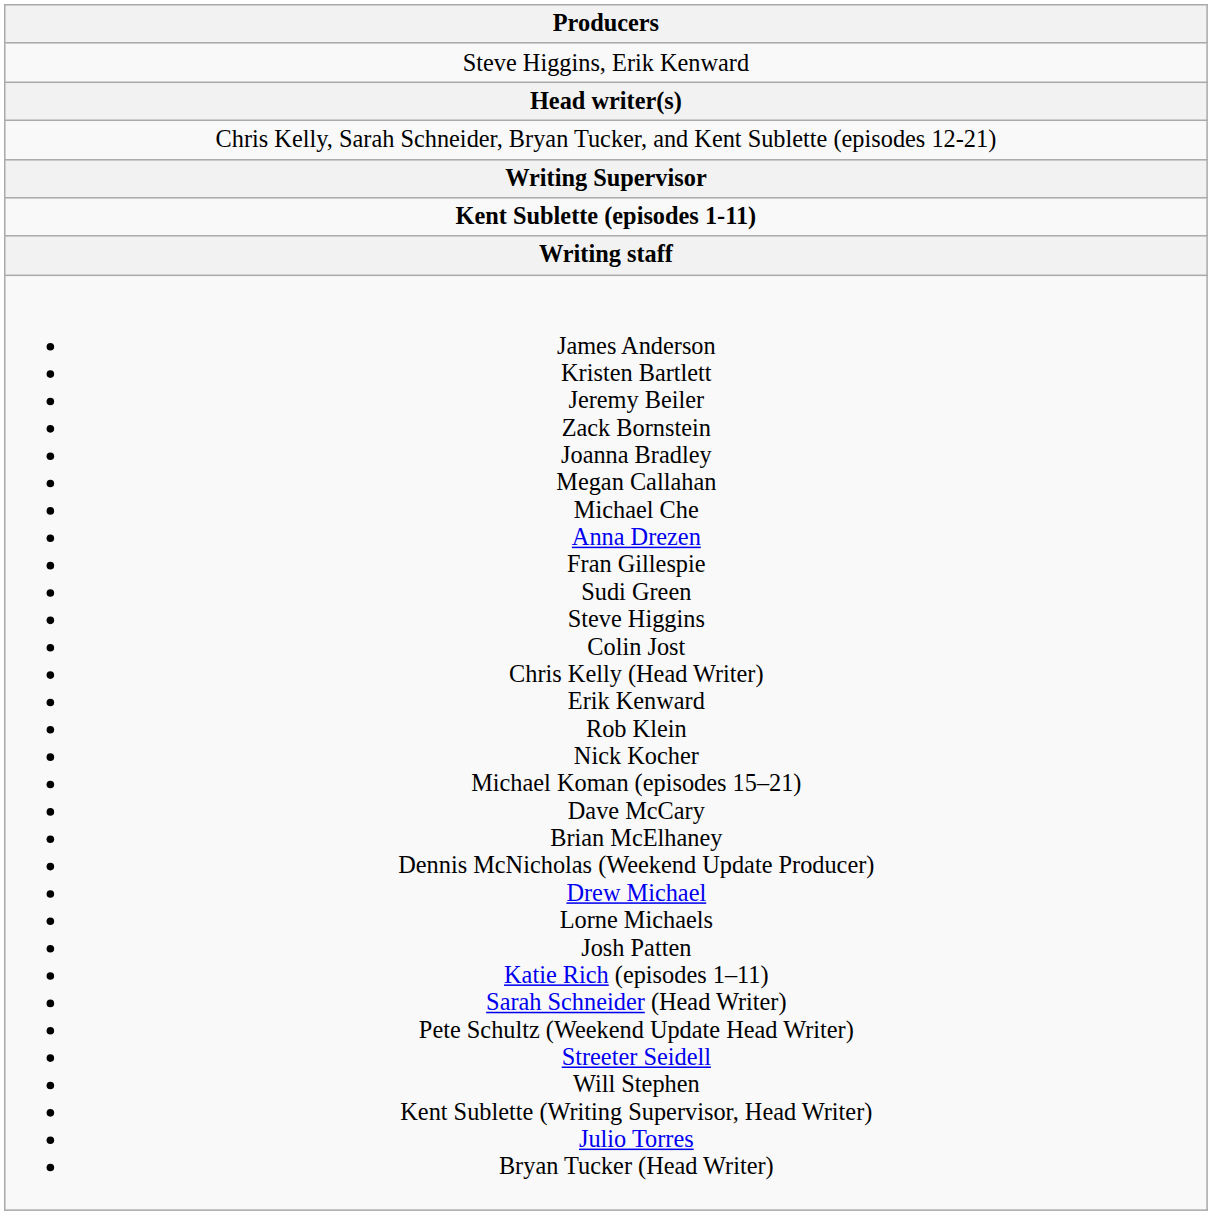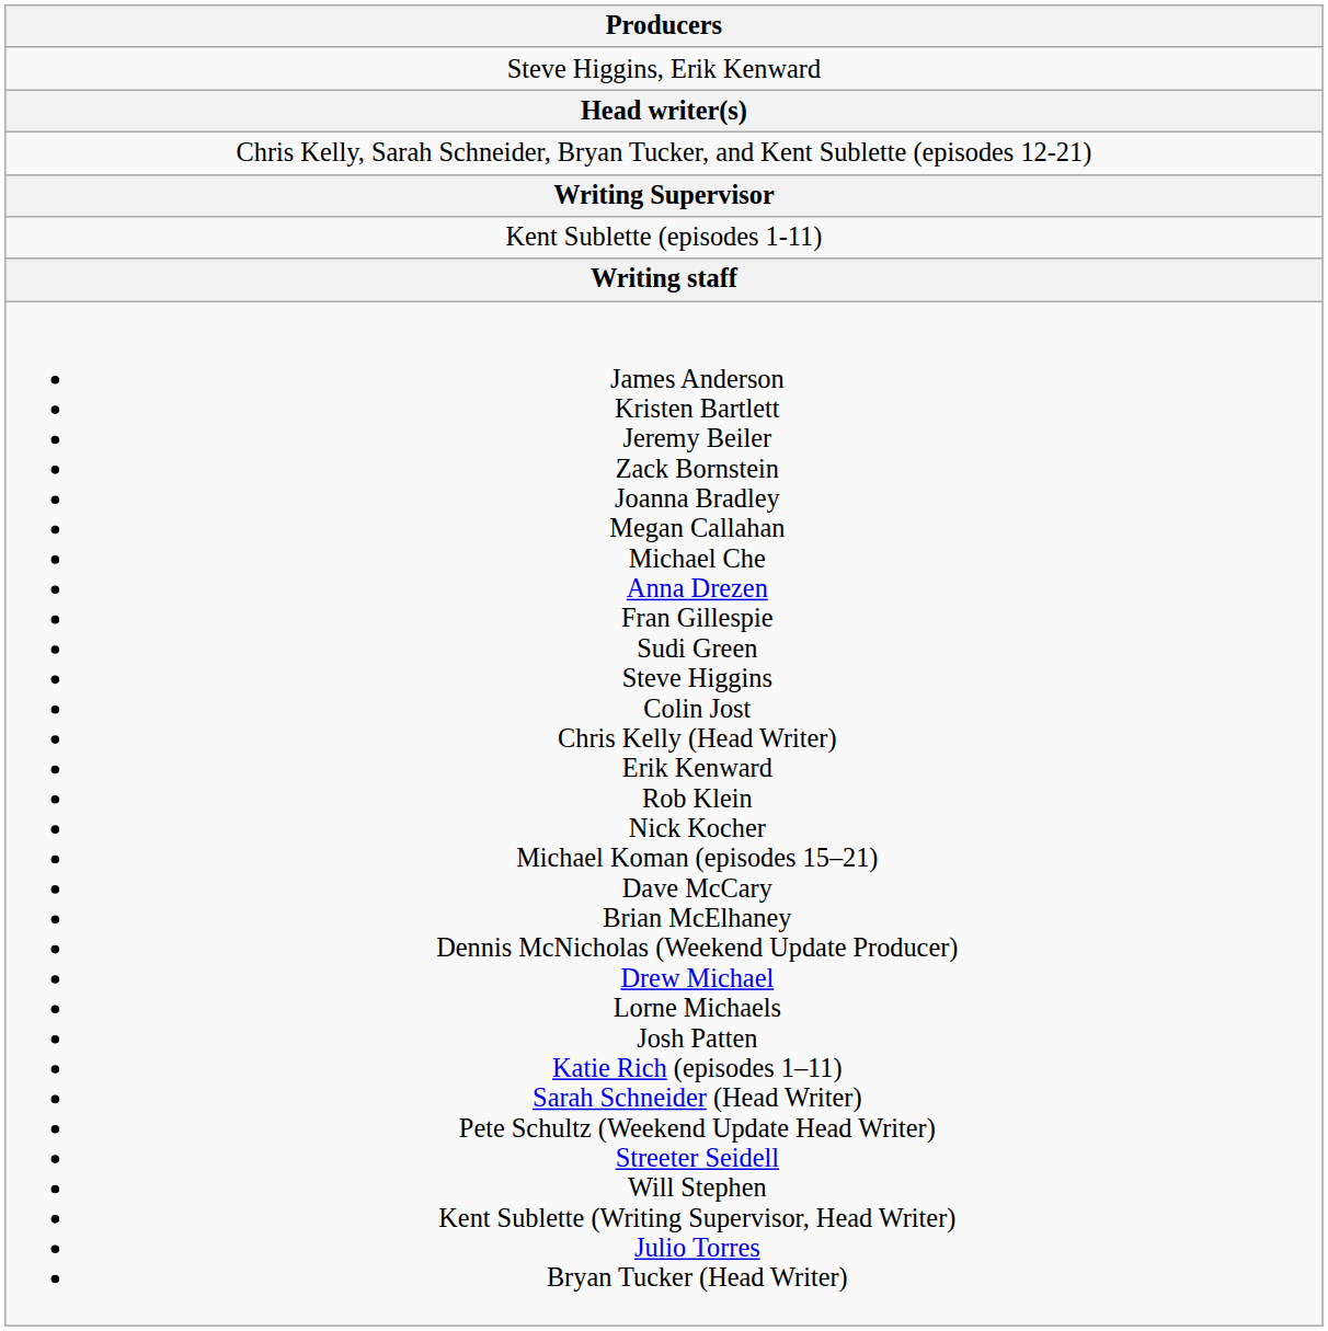 <table class="wikitable plainrowheaders"  style="text-align:center; width:50%;">
 <tr>
 <th><strong>Producers</strong></th>
 </tr>
 <tr>
 <td>Steve Higgins, Erik Kenward</td>
 </tr>
 <tr>
 <th><strong>Head writer(s)</strong></th>
 </tr>
 <tr>
 <td>Chris Kelly, Sarah Schneider, Bryan Tucker, and Kent Sublette (episodes 12-21)</td>
 </tr>
 <tr>
 <th><strong>Writing Supervisor</strong></th>
 </tr>
 <tr>
-<td><strong>Kent Sublette (episodes 1-11)</strong></td>
+<td>Kent Sublette (episodes 1-11)</td>
 </tr>
 <tr>
 <th><strong>Writing staff</strong> </th>
 </tr>
 <tr>
 <td><br><ul><li>James Anderson</li><li>Kristen Bartlett</li><li>Jeremy Beiler</li><li>Zack Bornstein</li><li>Joanna Bradley</li><li>Megan Callahan</li><li>Michael Che</li><li><a href='#'>Anna Drezen</a></li><li>Fran Gillespie</li><li>Sudi Green</li><li>Steve Higgins</li><li>Colin Jost</li><li>Chris Kelly (Head Writer)</li><li>Erik Kenward</li><li>Rob Klein</li><li>Nick Kocher</li><li>Michael Koman (episodes 15–21)</li><li>Dave McCary</li><li>Brian McElhaney</li><li>Dennis McNicholas (Weekend Update Producer)</li><li><a href='#'>Drew Michael</a></li><li>Lorne Michaels</li><li>Josh Patten</li><li><a href='#'>Katie Rich</a> (episodes 1–11)</li><li><a href='#'>Sarah Schneider</a> (Head Writer)</li><li>Pete Schultz (Weekend Update Head Writer)</li><li><a href='#'>Streeter Seidell</a></li><li>Will Stephen</li><li>Kent Sublette (Writing Supervisor, Head Writer)</li><li><a href='#'>Julio Torres</a></li><li>Bryan Tucker (Head Writer)</li></ul></td>
 </tr>
 </table>
